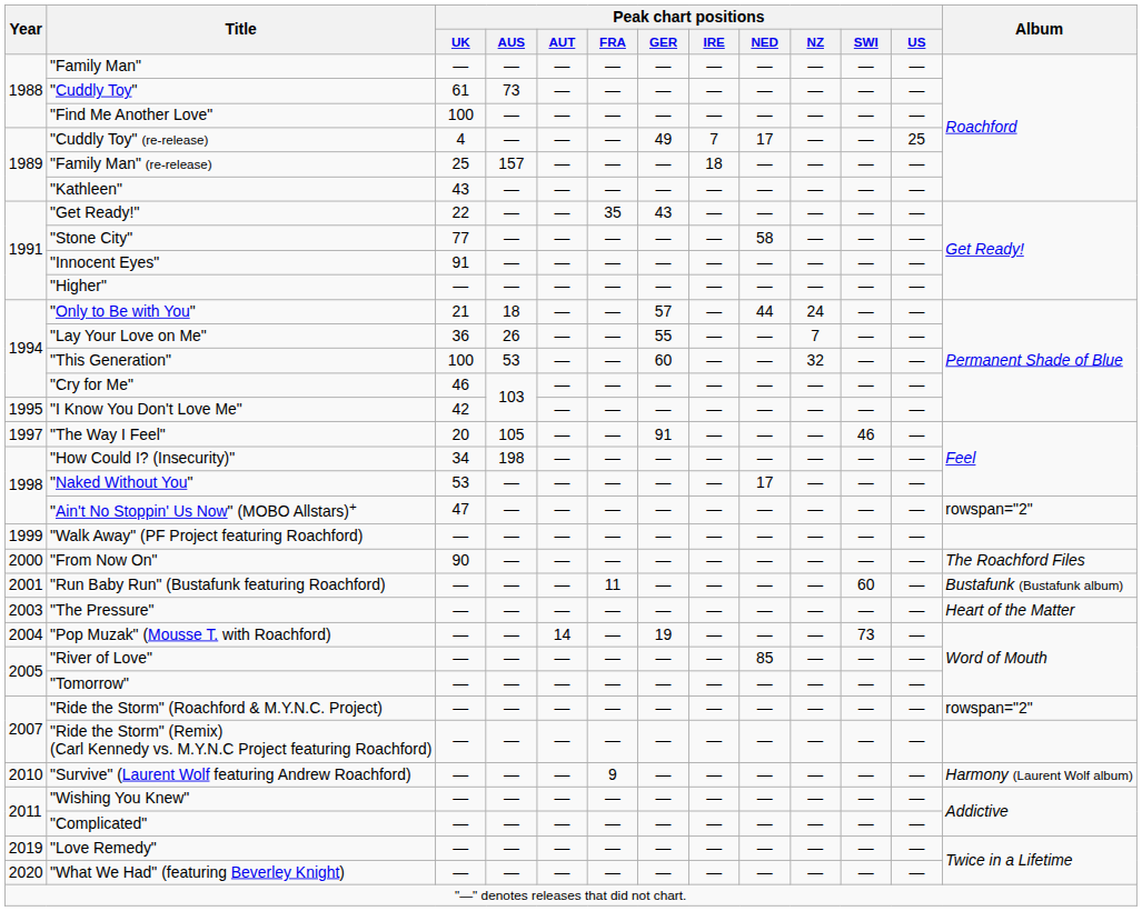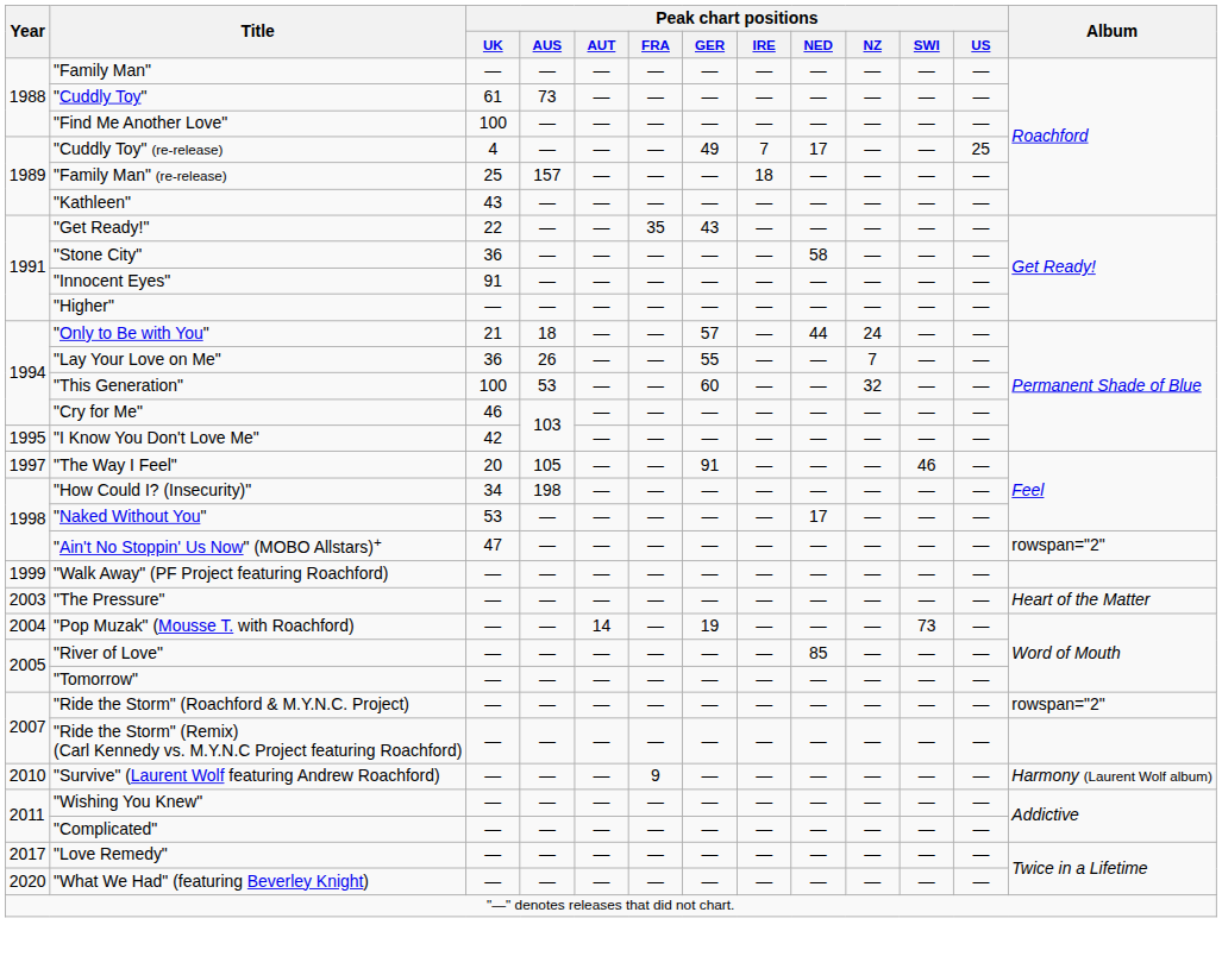 <table class="wikitable">
 <tr>
 <th rowspan="2">Year</th>
 <th rowspan="2">Title</th>
 <th colspan="10">Peak chart positions</th>
 <th rowspan="2">Album</th>
 </tr>
 <tr>
 <th style="width:45px;"><small><a href='#'>UK</a><br></small></th>
 <th style="width:45px;"><small><a href='#'>AUS</a><br></small></th>
 <th style="width:45px;"><small><a href='#'>AUT</a><br></small></th>
 <th style="width:45px;"><small><a href='#'>FRA</a><br></small></th>
 <th style="width:45px;"><small><a href='#'>GER</a><br></small></th>
 <th style="width:45px;"><small><a href='#'>IRE</a><br></small></th>
 <th style="width:45px;"><small><a href='#'>NED</a><br></small></th>
 <th style="width:45px;"><small><a href='#'>NZ</a><br></small></th>
 <th style="width:45px;"><small><a href='#'>SWI</a><br></small></th>
 <th style="width:45px;"><small><a href='#'>US</a><br></small></th>
 </tr>
 <tr>
 <td rowspan="3">1988</td>
 <td>"Family Man"</td>
 <td style="text-align:center;">—</td>
 <td style="text-align:center;">—</td>
 <td style="text-align:center;">—</td>
 <td style="text-align:center;">—</td>
 <td style="text-align:center;">—</td>
 <td style="text-align:center;">—</td>
 <td style="text-align:center;">—</td>
 <td style="text-align:center;">—</td>
 <td style="text-align:center;">—</td>
 <td style="text-align:center;">—</td>
 <td rowspan="6"><em><a href='#'>Roachford</a></em></td>
 </tr>
 <tr>
 <td>"<a href='#'>Cuddly Toy</a>"</td>
 <td style="text-align:center;">61</td>
 <td style="text-align:center;">73</td>
 <td style="text-align:center;">—</td>
 <td style="text-align:center;">—</td>
 <td style="text-align:center;">—</td>
 <td style="text-align:center;">—</td>
 <td style="text-align:center;">—</td>
 <td style="text-align:center;">—</td>
 <td style="text-align:center;">—</td>
 <td style="text-align:center;">—</td>
 </tr>
 <tr>
 <td>"Find Me Another Love"</td>
 <td style="text-align:center;">100</td>
 <td style="text-align:center;">—</td>
 <td style="text-align:center;">—</td>
 <td style="text-align:center;">—</td>
 <td style="text-align:center;">—</td>
 <td style="text-align:center;">—</td>
 <td style="text-align:center;">—</td>
 <td style="text-align:center;">—</td>
 <td style="text-align:center;">—</td>
 <td style="text-align:center;">—</td>
 </tr>
 <tr>
 <td rowspan="3">1989</td>
 <td>"Cuddly Toy" <small>(re-release)</small></td>
 <td style="text-align:center;">4</td>
 <td style="text-align:center;">—</td>
 <td style="text-align:center;">—</td>
 <td style="text-align:center;">—</td>
 <td style="text-align:center;">49</td>
 <td style="text-align:center;">7</td>
 <td style="text-align:center;">17</td>
 <td style="text-align:center;">—</td>
 <td style="text-align:center;">—</td>
 <td style="text-align:center;">25</td>
 </tr>
 <tr>
 <td>"Family Man" <small>(re-release)</small></td>
 <td style="text-align:center;">25</td>
 <td style="text-align:center;">157</td>
 <td style="text-align:center;">—</td>
 <td style="text-align:center;">—</td>
 <td style="text-align:center;">—</td>
 <td style="text-align:center;">18</td>
 <td style="text-align:center;">—</td>
 <td style="text-align:center;">—</td>
 <td style="text-align:center;">—</td>
 <td style="text-align:center;">—</td>
 </tr>
 <tr>
 <td>"Kathleen"</td>
 <td style="text-align:center;">43</td>
 <td style="text-align:center;">—</td>
 <td style="text-align:center;">—</td>
 <td style="text-align:center;">—</td>
 <td style="text-align:center;">—</td>
 <td style="text-align:center;">—</td>
 <td style="text-align:center;">—</td>
 <td style="text-align:center;">—</td>
 <td style="text-align:center;">—</td>
 <td style="text-align:center;">—</td>
 </tr>
 <tr>
 <td rowspan="4">1991</td>
 <td>"Get Ready!"</td>
 <td style="text-align:center;">22</td>
 <td style="text-align:center;">—</td>
 <td style="text-align:center;">—</td>
 <td style="text-align:center;">35</td>
 <td style="text-align:center;">43</td>
 <td style="text-align:center;">—</td>
 <td style="text-align:center;">—</td>
 <td style="text-align:center;">—</td>
 <td style="text-align:center;">—</td>
 <td style="text-align:center;">—</td>
 <td rowspan="4"><em><a href='#'>Get Ready!</a></em></td>
 </tr>
 <tr>
 <td>"Stone City"</td>
-<td style="text-align:center;">77</td>
+<td style="text-align:center;">36</td>
 <td style="text-align:center;">—</td>
 <td style="text-align:center;">—</td>
 <td style="text-align:center;">—</td>
 <td style="text-align:center;">—</td>
 <td style="text-align:center;">—</td>
 <td style="text-align:center;">58</td>
 <td style="text-align:center;">—</td>
 <td style="text-align:center;">—</td>
 <td style="text-align:center;">—</td>
 </tr>
 <tr>
 <td>"Innocent Eyes"</td>
 <td style="text-align:center;">91</td>
 <td style="text-align:center;">—</td>
 <td style="text-align:center;">—</td>
 <td style="text-align:center;">—</td>
 <td style="text-align:center;">—</td>
 <td style="text-align:center;">—</td>
 <td style="text-align:center;">—</td>
 <td style="text-align:center;">—</td>
 <td style="text-align:center;">—</td>
 <td style="text-align:center;">—</td>
 </tr>
 <tr>
 <td>"Higher"</td>
 <td style="text-align:center;">—</td>
 <td style="text-align:center;">—</td>
 <td style="text-align:center;">—</td>
 <td style="text-align:center;">—</td>
 <td style="text-align:center;">—</td>
 <td style="text-align:center;">—</td>
 <td style="text-align:center;">—</td>
 <td style="text-align:center;">—</td>
 <td style="text-align:center;">—</td>
 <td style="text-align:center;">—</td>
 </tr>
 <tr>
 <td rowspan="4">1994</td>
 <td>"<a href='#'>Only to Be with You</a>"</td>
 <td style="text-align:center;">21</td>
 <td style="text-align:center;">18</td>
 <td style="text-align:center;">—</td>
 <td style="text-align:center;">—</td>
 <td style="text-align:center;">57</td>
 <td style="text-align:center;">—</td>
 <td style="text-align:center;">44</td>
 <td style="text-align:center;">24</td>
 <td style="text-align:center;">—</td>
 <td style="text-align:center;">—</td>
 <td rowspan="5"><em><a href='#'>Permanent Shade of Blue</a></em></td>
 </tr>
 <tr>
 <td>"Lay Your Love on Me"</td>
 <td style="text-align:center;">36</td>
 <td style="text-align:center;">26</td>
 <td style="text-align:center;">—</td>
 <td style="text-align:center;">—</td>
 <td style="text-align:center;">55</td>
 <td style="text-align:center;">—</td>
 <td style="text-align:center;">—</td>
 <td style="text-align:center;">7</td>
 <td style="text-align:center;">—</td>
 <td style="text-align:center;">—</td>
 </tr>
 <tr>
 <td>"This Generation"</td>
 <td style="text-align:center;">100</td>
 <td style="text-align:center;">53</td>
 <td style="text-align:center;">—</td>
 <td style="text-align:center;">—</td>
 <td style="text-align:center;">60</td>
 <td style="text-align:center;">—</td>
 <td style="text-align:center;">—</td>
 <td style="text-align:center;">32</td>
 <td style="text-align:center;">—</td>
 <td style="text-align:center;">—</td>
 </tr>
 <tr>
 <td>"Cry for Me"</td>
 <td style="text-align:center;">46</td>
 <td style="text-align:center;" rowspan=2>103</td>
 <td style="text-align:center;">—</td>
 <td style="text-align:center;">—</td>
 <td style="text-align:center;">—</td>
 <td style="text-align:center;">—</td>
 <td style="text-align:center;">—</td>
 <td style="text-align:center;">—</td>
 <td style="text-align:center;">—</td>
 <td style="text-align:center;">—</td>
 </tr>
 <tr>
 <td>1995</td>
 <td>"I Know You Don't Love Me"</td>
 <td style="text-align:center;">42</td>
 <td style="text-align:center;">—</td>
 <td style="text-align:center;">—</td>
 <td style="text-align:center;">—</td>
 <td style="text-align:center;">—</td>
 <td style="text-align:center;">—</td>
 <td style="text-align:center;">—</td>
 <td style="text-align:center;">—</td>
 <td style="text-align:center;">—</td>
 </tr>
 <tr>
 <td>1997</td>
 <td>"The Way I Feel"</td>
 <td style="text-align:center;">20</td>
 <td style="text-align:center;">105</td>
 <td style="text-align:center;">—</td>
 <td style="text-align:center;">—</td>
 <td style="text-align:center;">91</td>
 <td style="text-align:center;">—</td>
 <td style="text-align:center;">—</td>
 <td style="text-align:center;">—</td>
 <td style="text-align:center;">46</td>
 <td style="text-align:center;">—</td>
 <td rowspan="3"><em><a href='#'>Feel</a></em></td>
 </tr>
 <tr>
 <td rowspan="3">1998</td>
 <td>"How Could I? (Insecurity)"</td>
 <td style="text-align:center;">34</td>
 <td style="text-align:center;">198</td>
 <td style="text-align:center;">—</td>
 <td style="text-align:center;">—</td>
 <td style="text-align:center;">—</td>
 <td style="text-align:center;">—</td>
 <td style="text-align:center;">—</td>
 <td style="text-align:center;">—</td>
 <td style="text-align:center;">—</td>
 <td style="text-align:center;">—</td>
 </tr>
 <tr>
 <td>"<a href='#'>Naked Without You</a>"</td>
 <td style="text-align:center;">53</td>
 <td style="text-align:center;">—</td>
 <td style="text-align:center;">—</td>
 <td style="text-align:center;">—</td>
 <td style="text-align:center;">—</td>
 <td style="text-align:center;">—</td>
 <td style="text-align:center;">17</td>
 <td style="text-align:center;">—</td>
 <td style="text-align:center;">—</td>
 <td style="text-align:center;">—</td>
 </tr>
 <tr>
 <td>"<a href='#'>Ain't No Stoppin' Us Now</a>" (MOBO Allstars)<sup>+</sup></td>
 <td style="text-align:center;">47</td>
 <td style="text-align:center;">—</td>
 <td style="text-align:center;">—</td>
 <td style="text-align:center;">—</td>
 <td style="text-align:center;">—</td>
 <td style="text-align:center;">—</td>
 <td style="text-align:center;">—</td>
 <td style="text-align:center;">—</td>
 <td style="text-align:center;">—</td>
 <td style="text-align:center;">—</td>
 <td>rowspan="2" </td>
 </tr>
 <tr>
 <td>1999</td>
 <td>"Walk Away" (PF Project featuring Roachford)</td>
 <td style="text-align:center;">—</td>
 <td style="text-align:center;">—</td>
 <td style="text-align:center;">—</td>
 <td style="text-align:center;">—</td>
 <td style="text-align:center;">—</td>
 <td style="text-align:center;">—</td>
 <td style="text-align:center;">—</td>
 <td style="text-align:center;">—</td>
 <td style="text-align:center;">—</td>
 <td style="text-align:center;">—</td>
 </tr>
 <tr>
-<td>2000</td>
-<td>"From Now On"</td>
-<td style="text-align:center;">90</td>
-<td style="text-align:center;">—</td>
-<td style="text-align:center;">—</td>
-<td style="text-align:center;">—</td>
-<td style="text-align:center;">—</td>
-<td style="text-align:center;">—</td>
-<td style="text-align:center;">—</td>
-<td style="text-align:center;">—</td>
-<td style="text-align:center;">—</td>
-<td style="text-align:center;">—</td>
-<td><em>The Roachford Files</em></td>
-</tr>
-<tr>
-<td>2001</td>
-<td>"Run Baby Run" (Bustafunk featuring Roachford)</td>
-<td style="text-align:center;">—</td>
-<td style="text-align:center;">—</td>
-<td style="text-align:center;">—</td>
-<td style="text-align:center;">11</td>
-<td style="text-align:center;">—</td>
-<td style="text-align:center;">—</td>
-<td style="text-align:center;">—</td>
-<td style="text-align:center;">—</td>
-<td style="text-align:center;">60</td>
-<td style="text-align:center;">—</td>
-<td><em>Bustafunk</em> <small>(Bustafunk album)</small></td>
-</tr>
-<tr>
 <td>2003</td>
 <td>"The Pressure"</td>
 <td style="text-align:center;">—</td>
 <td style="text-align:center;">—</td>
 <td style="text-align:center;">—</td>
 <td style="text-align:center;">—</td>
 <td style="text-align:center;">—</td>
 <td style="text-align:center;">—</td>
 <td style="text-align:center;">—</td>
 <td style="text-align:center;">—</td>
 <td style="text-align:center;">—</td>
 <td style="text-align:center;">—</td>
 <td><em>Heart of the Matter</em></td>
 </tr>
 <tr>
 <td>2004</td>
 <td>"Pop Muzak" (<a href='#'>Mousse T.</a> with Roachford)</td>
 <td style="text-align:center;">—</td>
 <td style="text-align:center;">—</td>
 <td style="text-align:center;">14</td>
 <td style="text-align:center;">—</td>
 <td style="text-align:center;">19</td>
 <td style="text-align:center;">—</td>
 <td style="text-align:center;">—</td>
 <td style="text-align:center;">—</td>
 <td style="text-align:center;">73</td>
 <td style="text-align:center;">—</td>
 <td rowspan="3"><em>Word of Mouth</em></td>
 </tr>
 <tr>
 <td rowspan="2">2005</td>
 <td>"River of Love"</td>
 <td style="text-align:center;">—</td>
 <td style="text-align:center;">—</td>
 <td style="text-align:center;">—</td>
 <td style="text-align:center;">—</td>
 <td style="text-align:center;">—</td>
 <td style="text-align:center;">—</td>
 <td style="text-align:center;">85</td>
 <td style="text-align:center;">—</td>
 <td style="text-align:center;">—</td>
 <td style="text-align:center;">—</td>
 </tr>
 <tr>
 <td>"Tomorrow"</td>
 <td style="text-align:center;">—</td>
 <td style="text-align:center;">—</td>
 <td style="text-align:center;">—</td>
 <td style="text-align:center;">—</td>
 <td style="text-align:center;">—</td>
 <td style="text-align:center;">—</td>
 <td style="text-align:center;">—</td>
 <td style="text-align:center;">—</td>
 <td style="text-align:center;">—</td>
 <td style="text-align:center;">—</td>
 </tr>
 <tr>
 <td rowspan="2">2007</td>
 <td>"Ride the Storm" (Roachford & M.Y.N.C. Project)</td>
 <td style="text-align:center;">—</td>
 <td style="text-align:center;">—</td>
 <td style="text-align:center;">—</td>
 <td style="text-align:center;">—</td>
 <td style="text-align:center;">—</td>
 <td style="text-align:center;">—</td>
 <td style="text-align:center;">—</td>
 <td style="text-align:center;">—</td>
 <td style="text-align:center;">—</td>
 <td style="text-align:center;">—</td>
 <td>rowspan="2" </td>
 </tr>
 <tr>
 <td>"Ride the Storm" (Remix) <br>(Carl Kennedy vs. M.Y.N.C Project featuring Roachford)</td>
 <td style="text-align:center;">—</td>
 <td style="text-align:center;">—</td>
 <td style="text-align:center;">—</td>
 <td style="text-align:center;">—</td>
 <td style="text-align:center;">—</td>
 <td style="text-align:center;">—</td>
 <td style="text-align:center;">—</td>
 <td style="text-align:center;">—</td>
 <td style="text-align:center;">—</td>
 <td style="text-align:center;">—</td>
 </tr>
 <tr>
 <td>2010</td>
 <td>"Survive" (<a href='#'>Laurent Wolf</a> featuring Andrew Roachford)</td>
 <td style="text-align:center;">—</td>
 <td style="text-align:center;">—</td>
 <td style="text-align:center;">—</td>
 <td style="text-align:center;">9</td>
 <td style="text-align:center;">—</td>
 <td style="text-align:center;">—</td>
 <td style="text-align:center;">—</td>
 <td style="text-align:center;">—</td>
 <td style="text-align:center;">—</td>
 <td style="text-align:center;">—</td>
 <td><em>Harmony</em> <small>(Laurent Wolf album)</small></td>
 </tr>
 <tr>
 <td rowspan="2">2011</td>
 <td>"Wishing You Knew"</td>
 <td style="text-align:center;">—</td>
 <td style="text-align:center;">—</td>
 <td style="text-align:center;">—</td>
 <td style="text-align:center;">—</td>
 <td style="text-align:center;">—</td>
 <td style="text-align:center;">—</td>
 <td style="text-align:center;">—</td>
 <td style="text-align:center;">—</td>
 <td style="text-align:center;">—</td>
 <td style="text-align:center;">—</td>
 <td rowspan="2"><em>Addictive</em></td>
 </tr>
 <tr>
 <td>"Complicated"</td>
 <td style="text-align:center;">—</td>
 <td style="text-align:center;">—</td>
 <td style="text-align:center;">—</td>
 <td style="text-align:center;">—</td>
 <td style="text-align:center;">—</td>
 <td style="text-align:center;">—</td>
 <td style="text-align:center;">—</td>
 <td style="text-align:center;">—</td>
 <td style="text-align:center;">—</td>
 <td style="text-align:center;">—</td>
 </tr>
 <tr>
-<td>2019</td>
+<td>2017</td>
 <td>"Love Remedy"</td>
 <td style="text-align:center;">—</td>
 <td style="text-align:center;">—</td>
 <td style="text-align:center;">—</td>
 <td style="text-align:center;">—</td>
 <td style="text-align:center;">—</td>
 <td style="text-align:center;">—</td>
 <td style="text-align:center;">—</td>
 <td style="text-align:center;">—</td>
 <td style="text-align:center;">—</td>
 <td style="text-align:center;">—</td>
 <td rowspan="2"><em>Twice in a Lifetime</em></td>
 </tr>
 <tr>
 <td>2020</td>
 <td>"What We Had" (featuring <a href='#'>Beverley Knight</a>)</td>
 <td style="text-align:center;">—</td>
 <td style="text-align:center;">—</td>
 <td style="text-align:center;">—</td>
 <td style="text-align:center;">—</td>
 <td style="text-align:center;">—</td>
 <td style="text-align:center;">—</td>
 <td style="text-align:center;">—</td>
 <td style="text-align:center;">—</td>
 <td style="text-align:center;">—</td>
 <td style="text-align:center;">—</td>
 </tr>
 <tr>
 <td colspan="13" style="text-align:center; font-size:85%">"—" denotes releases that did not chart.</td>
 </tr>
 </table>
